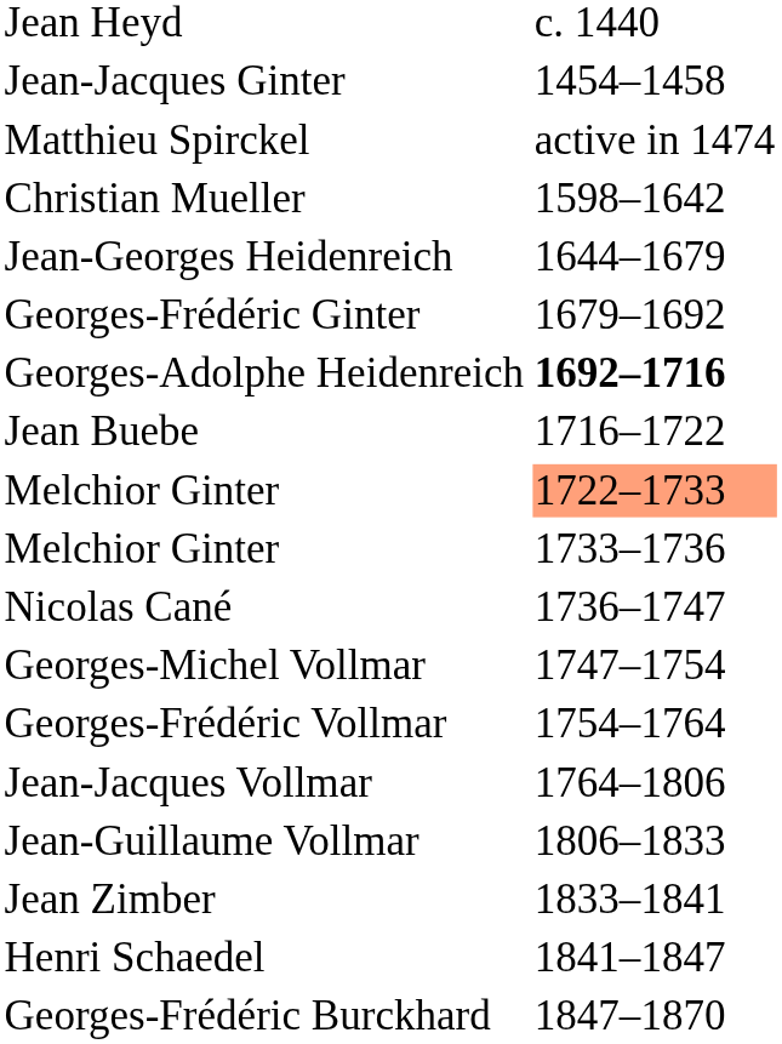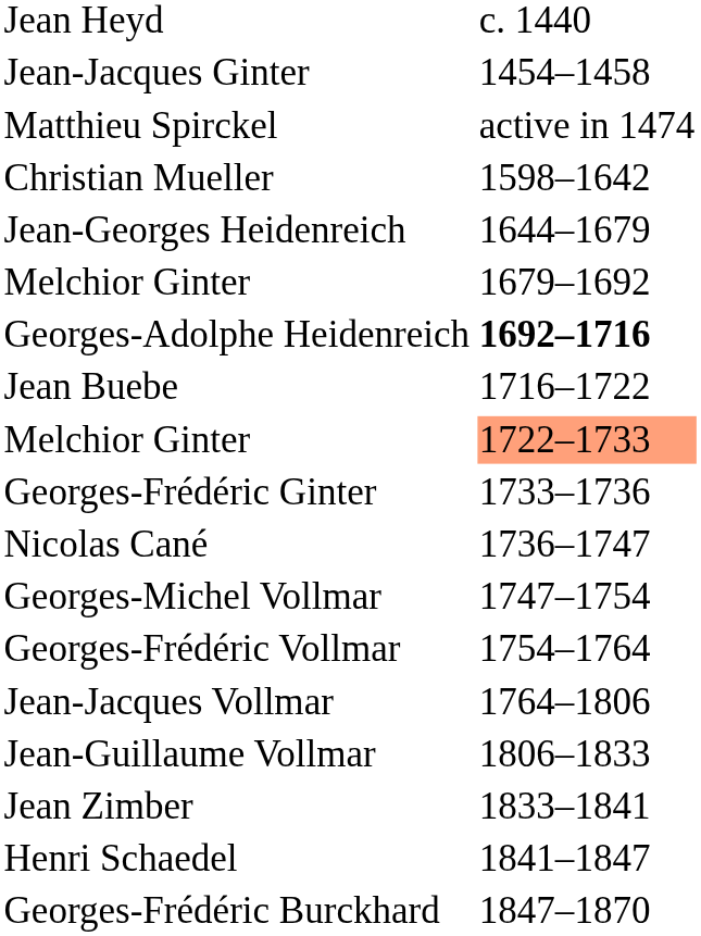 <table>
 <tr>
 <td>Jean Heyd</td>
 <td>c. 1440</td>
 </tr>
 <tr>
 <td>Jean-Jacques Ginter</td>
 <td>1454–1458</td>
 </tr>
 <tr>
 <td>Matthieu Spirckel</td>
 <td>active in 1474</td>
 </tr>
 <tr>
 <td>Christian Mueller</td>
 <td>1598–1642</td>
 </tr>
 <tr>
 <td>Jean-Georges Heidenreich</td>
 <td>1644–1679</td>
 </tr>
 <tr>
-<td>Georges-Frédéric Ginter</td>
+<td>Melchior Ginter</td>
 <td>1679–1692</td>
 </tr>
 <tr>
 <td>Georges-Adolphe Heidenreich</td>
 <td><strong>1692–1716</strong></td>
 </tr>
 <tr>
 <td>Jean Buebe</td>
 <td>1716–1722</td>
 </tr>
 <tr>
 <td>Melchior Ginter</td>
 <td style="background: lightsalmon;">1722–1733</td>
 </tr>
 <tr>
-<td>Melchior Ginter</td>
+<td>Georges-Frédéric Ginter</td>
 <td>1733–1736</td>
 </tr>
 <tr>
 <td>Nicolas Cané</td>
 <td>1736–1747</td>
 </tr>
 <tr>
 <td>Georges-Michel Vollmar</td>
 <td>1747–1754</td>
 </tr>
 <tr>
 <td>Georges-Frédéric Vollmar</td>
 <td>1754–1764</td>
 </tr>
 <tr>
 <td>Jean-Jacques Vollmar</td>
 <td>1764–1806</td>
 </tr>
 <tr>
 <td>Jean-Guillaume Vollmar</td>
 <td>1806–1833</td>
 </tr>
 <tr>
 <td>Jean Zimber</td>
 <td>1833–1841</td>
 </tr>
 <tr>
 <td>Henri Schaedel</td>
 <td>1841–1847</td>
 </tr>
 <tr>
 <td>Georges-Frédéric Burckhard</td>
 <td>1847–1870</td>
 </tr>
 </table>
